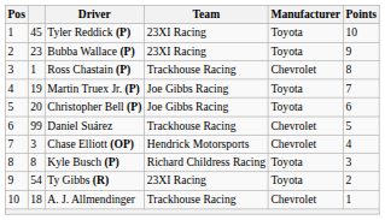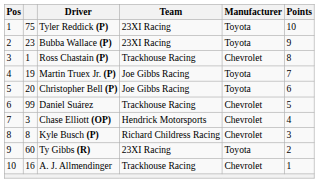 <table class="wikitable" style="font-size:98%">
 <tr>
 <th>Pos</th>
 <th></th>
 <th>Driver</th>
 <th>Team</th>
 <th>Manufacturer</th>
 <th>Points</th>
 </tr>
 <tr>
 <td>1</td>
-<td>45</td>
+<td>75</td>
 <td>Tyler Reddick <strong>(P)</strong></td>
 <td>23XI Racing</td>
 <td>Toyota</td>
 <td>10</td>
 </tr>
 <tr>
 <td>2</td>
 <td>23</td>
 <td>Bubba Wallace <strong>(P)</strong></td>
 <td>23XI Racing</td>
 <td>Toyota</td>
 <td>9</td>
 </tr>
 <tr>
 <td>3</td>
 <td>1</td>
 <td>Ross Chastain <strong>(P)</strong></td>
 <td>Trackhouse Racing</td>
 <td>Chevrolet</td>
 <td>8</td>
 </tr>
 <tr>
 <td>4</td>
 <td>19</td>
 <td>Martin Truex Jr. <strong>(P)</strong></td>
 <td>Joe Gibbs Racing</td>
 <td>Toyota</td>
 <td>7</td>
 </tr>
 <tr>
 <td>5</td>
 <td>20</td>
 <td>Christopher Bell <strong>(P)</strong></td>
 <td>Joe Gibbs Racing</td>
 <td>Toyota</td>
 <td>6</td>
 </tr>
 <tr>
 <td>6</td>
 <td>99</td>
 <td>Daniel Suárez</td>
 <td>Trackhouse Racing</td>
 <td>Chevrolet</td>
 <td>5</td>
 </tr>
 <tr>
 <td>7</td>
 <td>3</td>
 <td>Chase Elliott <strong>(OP)</strong></td>
 <td>Hendrick Motorsports</td>
 <td>Chevrolet</td>
 <td>4</td>
 </tr>
 <tr>
 <td>8</td>
 <td>8</td>
 <td>Kyle Busch <strong>(P)</strong></td>
 <td>Richard Childress Racing</td>
-<td>Toyota</td>
+<td>Chevrolet</td>
 <td>3</td>
 </tr>
 <tr>
 <td>9</td>
-<td>54</td>
+<td>60</td>
 <td>Ty Gibbs <strong>(R)</strong></td>
 <td>23XI Racing</td>
 <td>Toyota</td>
 <td>2</td>
 </tr>
 <tr>
 <td>10</td>
-<td>18</td>
+<td>16</td>
 <td>A. J. Allmendinger</td>
 <td>Trackhouse Racing</td>
 <td>Chevrolet</td>
 <td>1</td>
 </tr>
 <tr>
 <th colspan="6"></th>
 </tr>
 </table>
